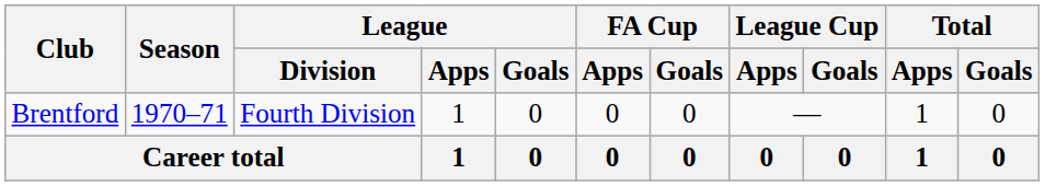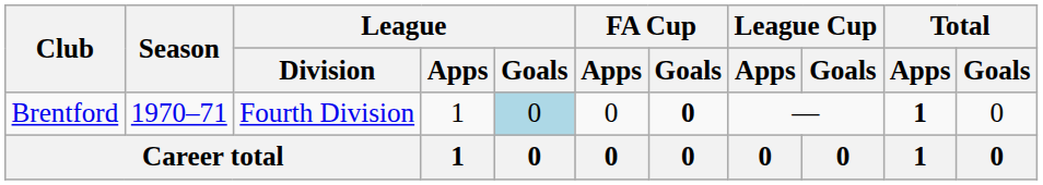 <table class="wikitable" style="text-align: center;">
 <tr>
 <th rowspan="2">Club</th>
 <th rowspan="2">Season</th>
 <th colspan="3">League</th>
 <th colspan="2">FA Cup</th>
 <th colspan="2">League Cup</th>
 <th colspan="2">Total</th>
 </tr>
 <tr>
 <th>Division</th>
 <th>Apps</th>
 <th>Goals</th>
 <th>Apps</th>
 <th>Goals</th>
 <th>Apps</th>
 <th>Goals</th>
 <th>Apps</th>
 <th>Goals</th>
 </tr>
 <tr>
 <td><a href='#'>Brentford</a></td>
 <td><a href='#'>1970–71</a></td>
 <td><a href='#'>Fourth Division</a></td>
 <td>1</td>
+<td style="background: lightblue;">0</td>
 <td>0</td>
-<td>0</td>
-<td>0</td>
+<td><strong>0</strong></td>
 <td colspan="2">—</td>
-<td>1</td>
+<td><strong>1</strong></td>
 <td>0</td>
 </tr>
 <tr>
 <th colspan="3">Career total</th>
 <th>1</th>
 <th>0</th>
 <th>0</th>
 <th>0</th>
 <th>0</th>
 <th>0</th>
 <th>1</th>
 <th>0</th>
 </tr>
 </table>
